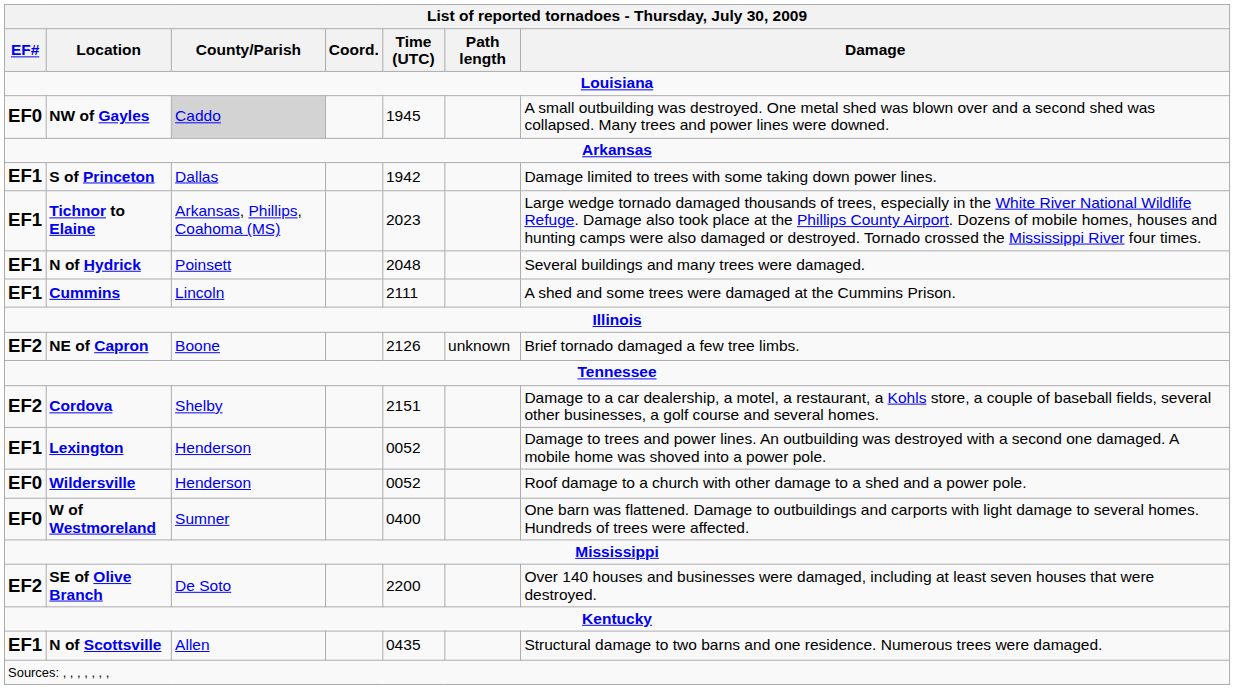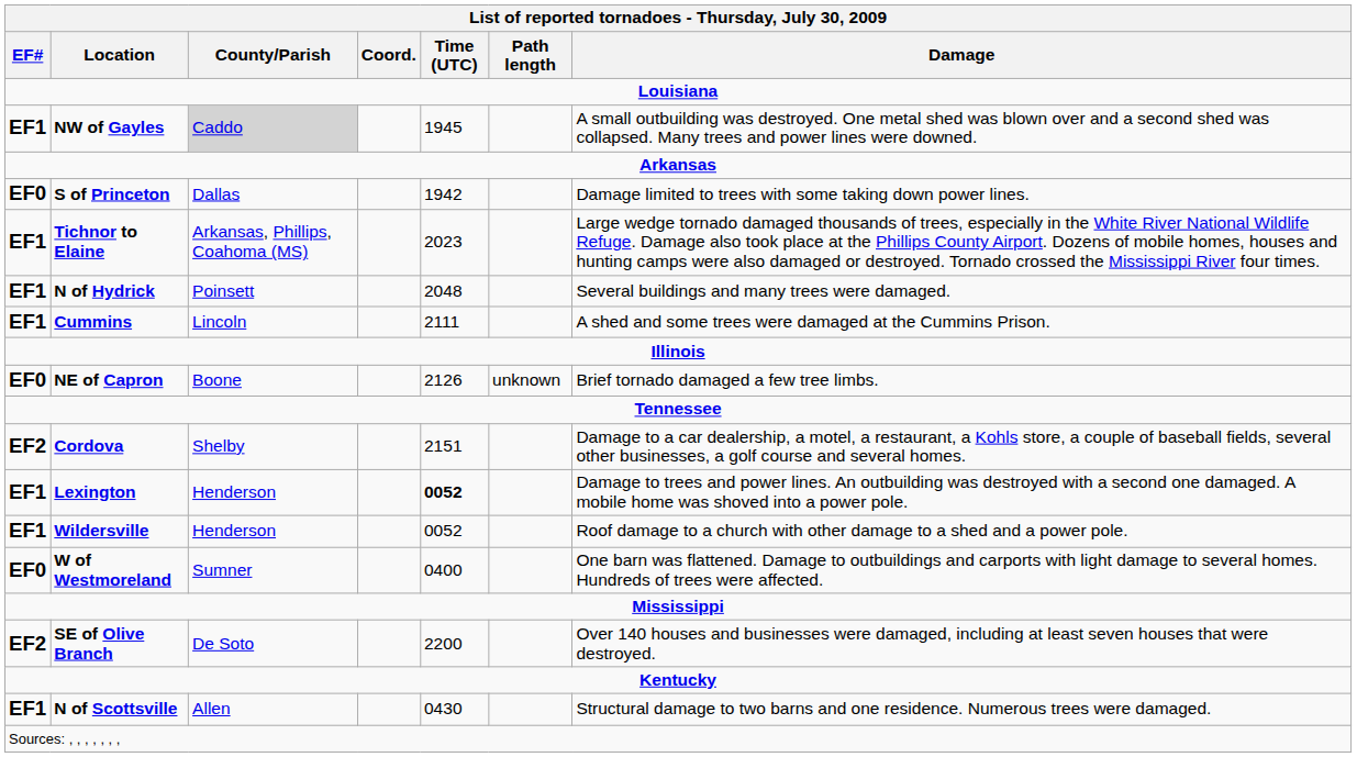 <table class="wikitable collapsible" style="width:100%;">
 <tr>
 <th colspan="7">List of reported tornadoes - Thursday, July 30, 2009</th>
 </tr>
 <tr>
 <th><a href='#'>EF#</a></th>
 <th>Location</th>
 <th>County/Parish</th>
 <th>Coord.</th>
 <th>Time (UTC)</th>
 <th>Path length</th>
 <th>Damage</th>
 </tr>
 <tr>
 <td colspan="7" style="text-align:center;"><strong><a href='#'>Louisiana</a></strong></td>
 </tr>
 <tr>
-<td><big><strong>EF0</strong></big></td>
+<td><big><strong>EF1</strong></big></td>
 <td><strong>NW of <a href='#'>Gayles</a></strong></td>
 <td style="background: lightgrey;"><a href='#'>Caddo</a></td>
 <td></td>
 <td>1945</td>
 <td></td>
 <td>A small outbuilding was destroyed. One metal shed was blown over and a second shed was collapsed. Many trees and power lines were downed.</td>
 </tr>
 <tr>
 <td colspan="7" style="text-align:center;"><strong><a href='#'>Arkansas</a></strong></td>
 </tr>
 <tr>
-<td><big><strong>EF1</strong></big></td>
+<td><big><strong>EF0</strong></big></td>
 <td><strong>S of <a href='#'>Princeton</a></strong></td>
 <td><a href='#'>Dallas</a></td>
 <td></td>
 <td>1942</td>
 <td></td>
 <td>Damage limited to trees with some taking down power lines.</td>
 </tr>
 <tr>
 <td><big><strong>EF1</strong></big></td>
 <td><strong><a href='#'>Tichnor</a> to <a href='#'>Elaine</a></strong></td>
 <td><a href='#'>Arkansas</a>, <a href='#'>Phillips</a>, <a href='#'>Coahoma (MS)</a></td>
 <td></td>
 <td>2023</td>
 <td></td>
 <td>Large wedge tornado damaged thousands of trees, especially in the <a href='#'>White River National Wildlife Refuge</a>. Damage also took place at the <a href='#'>Phillips County Airport</a>. Dozens of mobile homes, houses and hunting camps were also damaged or destroyed. Tornado crossed the <a href='#'>Mississippi River</a> four times.</td>
 </tr>
 <tr>
 <td><big><strong>EF1</strong></big></td>
 <td><strong>N of <a href='#'>Hydrick</a></strong></td>
 <td><a href='#'>Poinsett</a></td>
 <td></td>
 <td>2048</td>
 <td></td>
 <td>Several buildings and many trees were damaged.</td>
 </tr>
 <tr>
 <td><big><strong>EF1</strong></big></td>
 <td><strong><a href='#'>Cummins</a></strong></td>
 <td><a href='#'>Lincoln</a></td>
 <td></td>
 <td>2111</td>
 <td></td>
 <td>A shed and some trees were damaged at the Cummins Prison.</td>
 </tr>
 <tr>
 <td colspan="7" style="text-align:center;"><strong><a href='#'>Illinois</a></strong></td>
 </tr>
 <tr>
-<td><big><strong>EF2</strong></big></td>
+<td><big><strong>EF0</strong></big></td>
 <td><strong>NE of <a href='#'>Capron</a></strong></td>
 <td><a href='#'>Boone</a></td>
 <td></td>
 <td>2126</td>
 <td>unknown</td>
 <td>Brief tornado damaged a few tree limbs.</td>
 </tr>
 <tr>
 <td colspan="7" style="text-align:center;"><strong><a href='#'>Tennessee</a></strong></td>
 </tr>
 <tr>
 <td><big><strong>EF2</strong></big></td>
 <td><strong><a href='#'>Cordova</a></strong></td>
 <td><a href='#'>Shelby</a></td>
 <td></td>
 <td>2151</td>
 <td></td>
 <td>Damage to a car dealership, a motel, a restaurant, a <a href='#'>Kohls</a> store, a couple of baseball fields, several other businesses, a golf course and several homes.</td>
 </tr>
 <tr>
 <td><big><strong>EF1</strong></big></td>
 <td><strong><a href='#'>Lexington</a></strong></td>
 <td><a href='#'>Henderson</a></td>
 <td></td>
-<td>0052</td>
+<td><strong>0052</strong></td>
 <td></td>
 <td>Damage to trees and power lines. An outbuilding was destroyed with a second one damaged. A mobile home was shoved into a power pole.</td>
 </tr>
 <tr>
-<td><big><strong>EF0</strong></big></td>
+<td><big><strong>EF1</strong></big></td>
 <td><strong><a href='#'>Wildersville</a></strong></td>
 <td><a href='#'>Henderson</a></td>
 <td></td>
 <td>0052</td>
 <td></td>
 <td>Roof damage to a church with other damage to a shed and a power pole.</td>
 </tr>
 <tr>
 <td><big><strong>EF0</strong></big></td>
 <td><strong>W of <a href='#'>Westmoreland</a></strong></td>
 <td><a href='#'>Sumner</a></td>
 <td></td>
 <td>0400</td>
 <td></td>
 <td>One barn was flattened. Damage to outbuildings and carports with light damage to several homes. Hundreds of trees were affected.</td>
 </tr>
 <tr>
 <td colspan="7" style="text-align:center;"><strong><a href='#'>Mississippi</a></strong></td>
 </tr>
 <tr>
 <td><big><strong>EF2</strong></big></td>
 <td><strong>SE of <a href='#'>Olive Branch</a></strong></td>
 <td><a href='#'>De Soto</a></td>
 <td></td>
 <td>2200</td>
 <td></td>
 <td>Over 140 houses and businesses were damaged, including at least seven houses that were destroyed.</td>
 </tr>
 <tr>
 <td colspan="7" style="text-align:center;"><strong><a href='#'>Kentucky</a></strong></td>
 </tr>
 <tr>
 <td><big><strong>EF1</strong></big></td>
 <td><strong>N of <a href='#'>Scottsville</a></strong></td>
 <td><a href='#'>Allen</a></td>
 <td></td>
-<td>0435</td>
+<td>0430</td>
 <td></td>
 <td>Structural damage to two barns and one residence. Numerous trees were damaged.</td>
 </tr>
 <tr>
 <td colspan="7"><small>Sources: , , , , , , , </small></td>
 </tr>
 </table>
